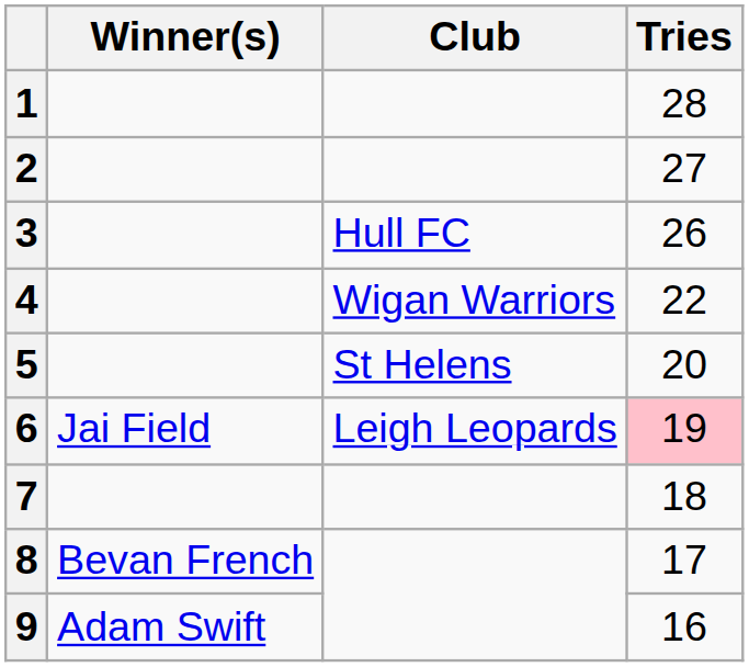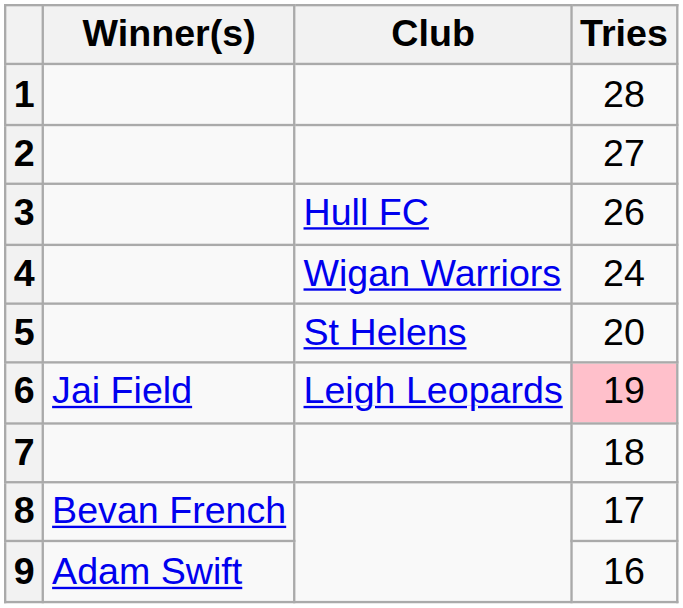 <table class="wikitable" style="text-align:center">
 <tr>
 <th></th>
 <th>Winner(s)</th>
 <th>Club</th>
 <th>Tries</th>
 </tr>
 <tr>
 <th>1</th>
 <td align="left"></td>
 <td align="left"></td>
 <td>28</td>
 </tr>
 <tr>
 <th>2</th>
 <td align="left"></td>
 <td align="left"></td>
 <td>27</td>
 </tr>
 <tr>
 <th>3</th>
 <td align="left"></td>
 <td align="left"> <a href='#'>Hull FC</a></td>
 <td>26</td>
 </tr>
 <tr>
 <th>4</th>
 <td align="left"></td>
 <td align="left"> <a href='#'>Wigan Warriors</a></td>
-<td>22</td>
+<td>24</td>
 </tr>
 <tr>
 <th>5</th>
 <td align="left"></td>
 <td align="left"> <a href='#'>St Helens</a></td>
 <td>20</td>
 </tr>
 <tr>
 <th>6</th>
 <td align="left"> <a href='#'>Jai Field</a></td>
 <td align="left"> <a href='#'>Leigh Leopards</a></td>
 <td style="background: pink;">19</td>
 </tr>
 <tr>
 <th>7</th>
 <td align="left"></td>
 <td align="left"></td>
 <td>18</td>
 </tr>
 <tr>
 <th>8</th>
 <td align="left"> <a href='#'>Bevan French</a></td>
 <td Rowspan=2 align="left"></td>
 <td>17</td>
 </tr>
 <tr>
 <th>9</th>
 <td align="left"> <a href='#'>Adam Swift</a></td>
 <td>16</td>
 </tr>
 </table>
